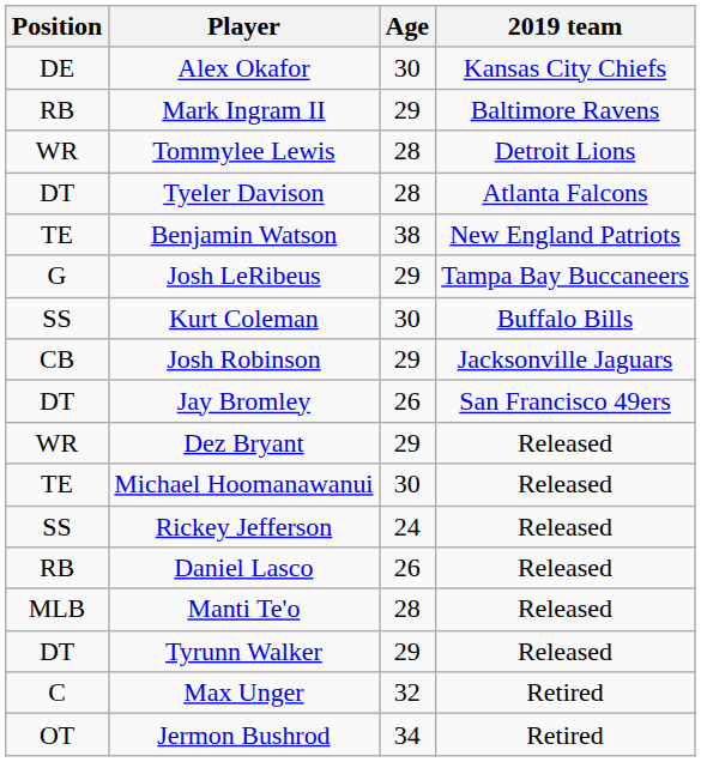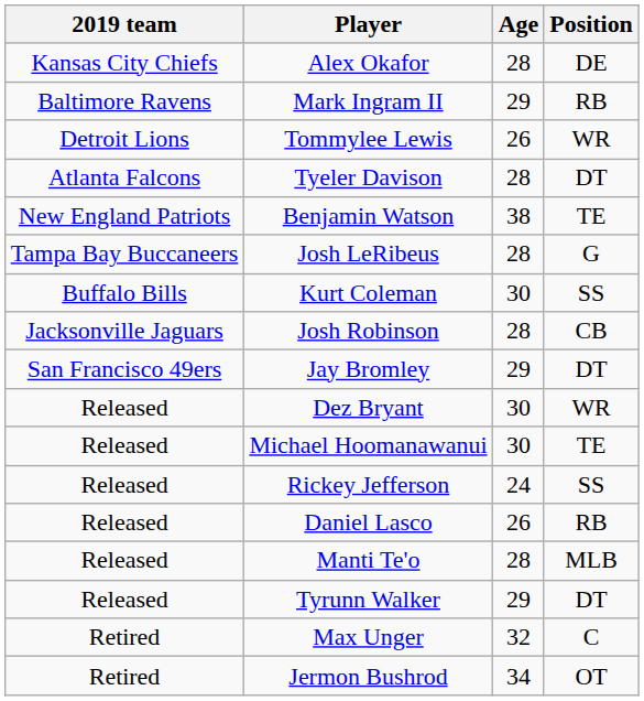 <table class="wikitable" style="text-align:center">
 <tr>
-<th>Position</th>
+<th>2019 team</th>
 <th>Player</th>
 <th>Age</th>
-<th>2019 team</th>
+<th>Position</th>
 </tr>
 <tr>
+<td><a href='#'>Kansas City Chiefs</a></td>
+<td><a href='#'>Alex Okafor</a></td>
+<td>28</td>
 <td>DE</td>
-<td><a href='#'>Alex Okafor</a></td>
-<td>30</td>
-<td><a href='#'>Kansas City Chiefs</a></td>
 </tr>
 <tr>
-<td>RB</td>
+<td><a href='#'>Baltimore Ravens</a></td>
 <td><a href='#'>Mark Ingram II</a></td>
 <td>29</td>
-<td><a href='#'>Baltimore Ravens</a></td>
+<td>RB</td>
 </tr>
 <tr>
+<td><a href='#'>Detroit Lions</a></td>
+<td><a href='#'>Tommylee Lewis</a></td>
+<td>26</td>
 <td>WR</td>
-<td><a href='#'>Tommylee Lewis</a></td>
-<td>28</td>
-<td><a href='#'>Detroit Lions</a></td>
 </tr>
 <tr>
-<td>DT</td>
+<td><a href='#'>Atlanta Falcons</a></td>
 <td><a href='#'>Tyeler Davison</a></td>
 <td>28</td>
-<td><a href='#'>Atlanta Falcons</a></td>
+<td>DT</td>
 </tr>
 <tr>
-<td>TE</td>
+<td><a href='#'>New England Patriots</a></td>
 <td><a href='#'>Benjamin Watson</a></td>
 <td>38</td>
-<td><a href='#'>New England Patriots</a></td>
+<td>TE</td>
 </tr>
 <tr>
+<td><a href='#'>Tampa Bay Buccaneers</a></td>
+<td><a href='#'>Josh LeRibeus</a></td>
+<td>28</td>
 <td>G</td>
-<td><a href='#'>Josh LeRibeus</a></td>
-<td>29</td>
-<td><a href='#'>Tampa Bay Buccaneers</a></td>
 </tr>
 <tr>
-<td>SS</td>
+<td><a href='#'>Buffalo Bills</a></td>
 <td><a href='#'>Kurt Coleman</a></td>
 <td>30</td>
-<td><a href='#'>Buffalo Bills</a></td>
+<td>SS</td>
 </tr>
 <tr>
+<td><a href='#'>Jacksonville Jaguars</a></td>
+<td><a href='#'>Josh Robinson</a></td>
+<td>28</td>
 <td>CB</td>
-<td><a href='#'>Josh Robinson</a></td>
-<td>29</td>
-<td><a href='#'>Jacksonville Jaguars</a></td>
 </tr>
 <tr>
+<td><a href='#'>San Francisco 49ers</a></td>
+<td><a href='#'>Jay Bromley</a></td>
+<td>29</td>
 <td>DT</td>
-<td><a href='#'>Jay Bromley</a></td>
-<td>26</td>
-<td><a href='#'>San Francisco 49ers</a></td>
 </tr>
 <tr>
+<td>Released</td>
+<td><a href='#'>Dez Bryant</a></td>
+<td>30</td>
 <td>WR</td>
-<td><a href='#'>Dez Bryant</a></td>
-<td>29</td>
-<td>Released</td>
 </tr>
 <tr>
-<td>TE</td>
+<td>Released</td>
 <td><a href='#'>Michael Hoomanawanui</a></td>
 <td>30</td>
-<td>Released</td>
+<td>TE</td>
 </tr>
 <tr>
-<td>SS</td>
+<td>Released</td>
 <td><a href='#'>Rickey Jefferson</a></td>
 <td>24</td>
-<td>Released</td>
+<td>SS</td>
 </tr>
 <tr>
-<td>RB</td>
+<td>Released</td>
 <td><a href='#'>Daniel Lasco</a></td>
 <td>26</td>
-<td>Released</td>
+<td>RB</td>
 </tr>
 <tr>
-<td>MLB</td>
+<td>Released</td>
 <td><a href='#'>Manti Te'o</a></td>
 <td>28</td>
-<td>Released</td>
+<td>MLB</td>
 </tr>
 <tr>
-<td>DT</td>
+<td>Released</td>
 <td><a href='#'>Tyrunn Walker</a></td>
 <td>29</td>
-<td>Released</td>
+<td>DT</td>
 </tr>
 <tr>
-<td>C</td>
+<td>Retired</td>
 <td><a href='#'>Max Unger</a></td>
 <td>32</td>
-<td>Retired</td>
+<td>C</td>
 </tr>
 <tr>
-<td>OT</td>
+<td>Retired</td>
 <td><a href='#'>Jermon Bushrod</a></td>
 <td>34</td>
-<td>Retired</td>
+<td>OT</td>
 </tr>
 </table>
